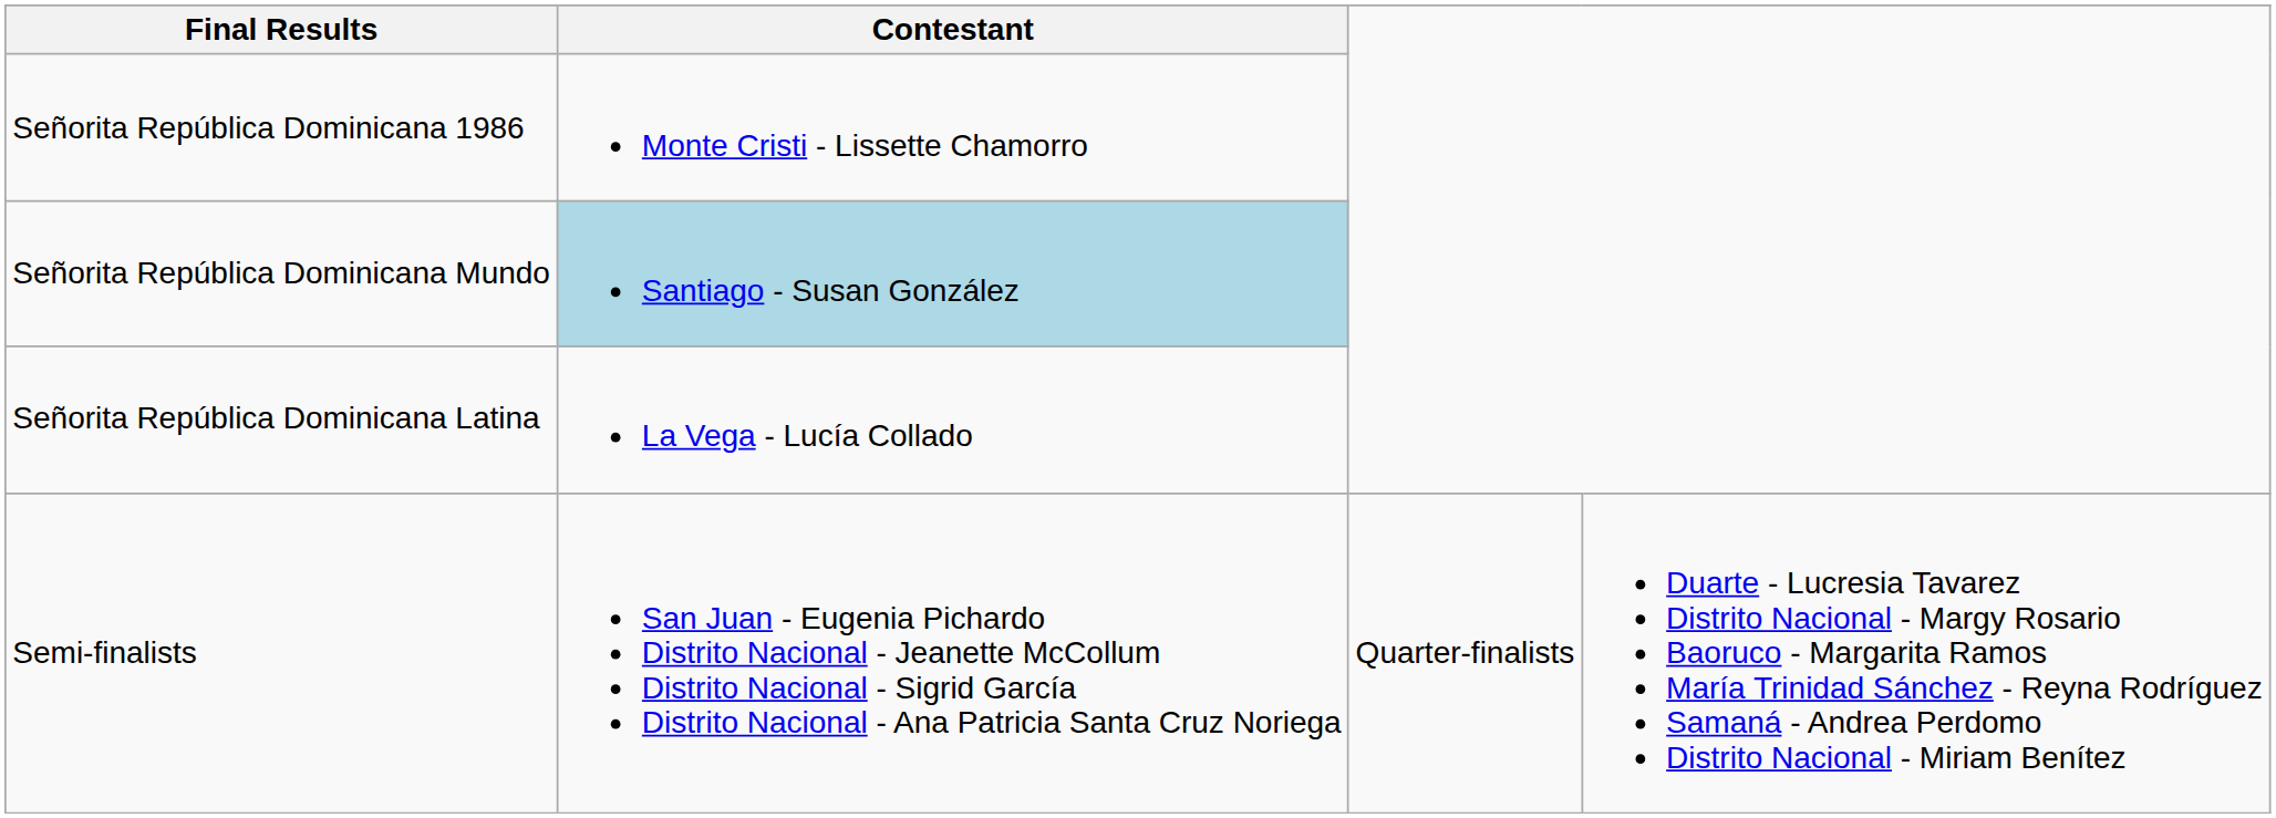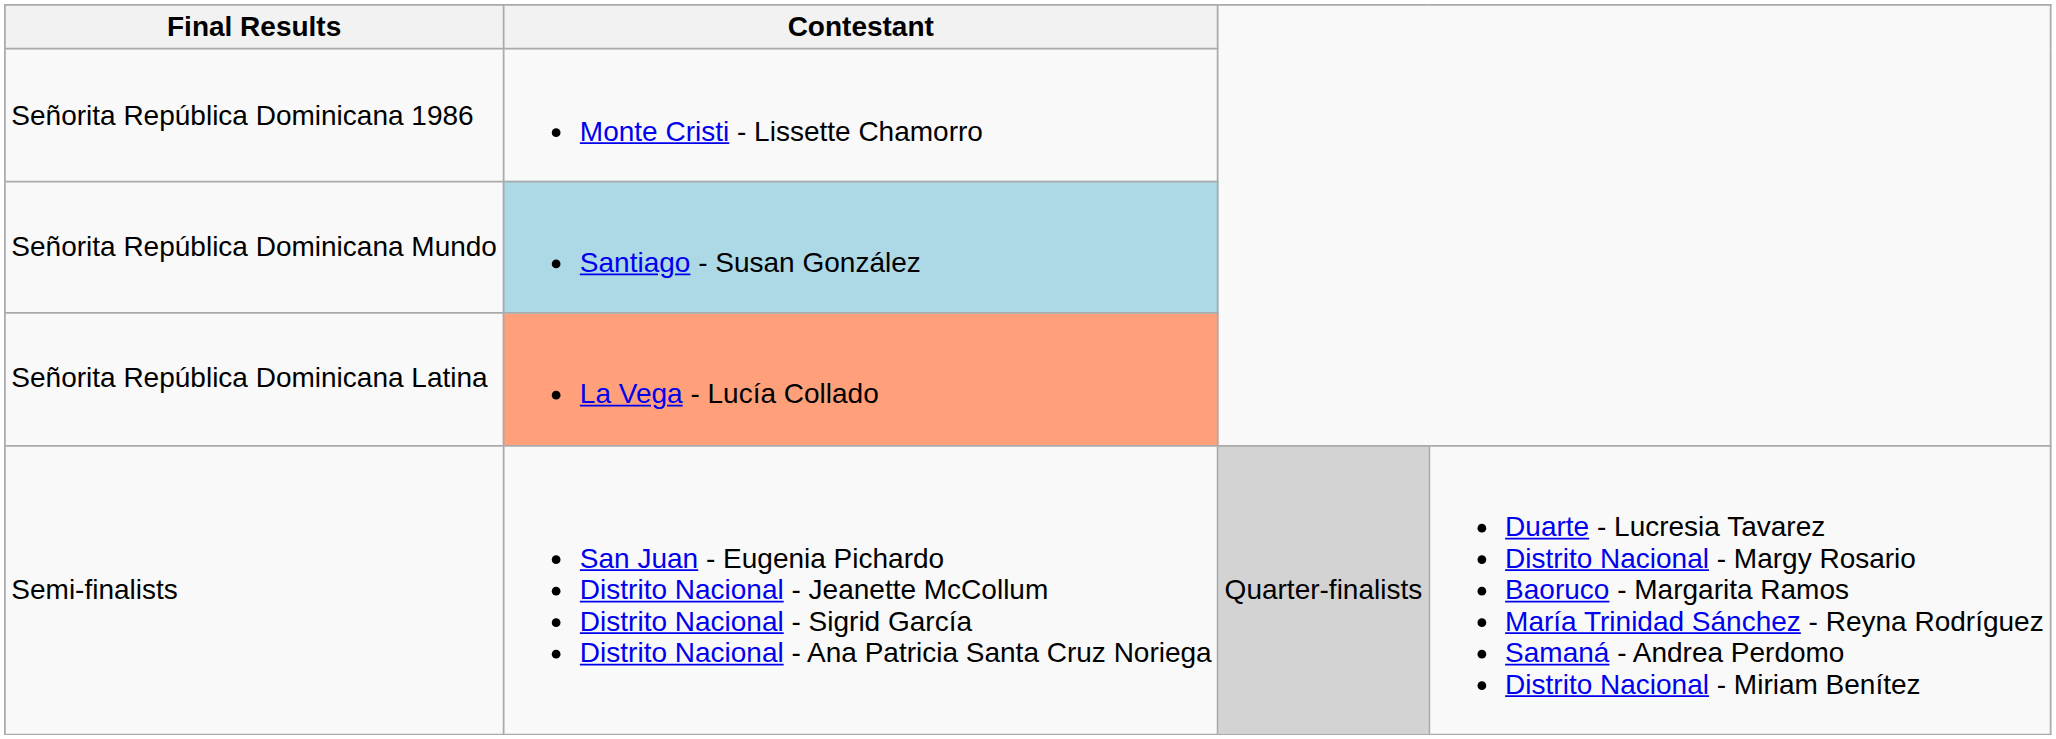 <table class="wikitable">
 <tr>
 <th>Final Results</th>
 <th>Contestant</th>
 </tr>
 <tr>
 <td>Señorita República Dominicana 1986</td>
 <td><br><ul><li><a href='#'>Monte Cristi</a> - Lissette Chamorro</li></ul></td>
 </tr>
 <tr>
 <td>Señorita República Dominicana Mundo</td>
 <td style="background: lightblue;"><br><ul><li><a href='#'>Santiago</a> - Susan González</li></ul></td>
 </tr>
 <tr>
 <td>Señorita República Dominicana Latina</td>
-<td><br><ul><li><a href='#'>La Vega</a> - Lucía Collado</li></ul></td>
+<td style="background: lightsalmon;"><br><ul><li><a href='#'>La Vega</a> - Lucía Collado</li></ul></td>
 </tr>
 <tr>
 <td>Semi-finalists</td>
 <td><br><ul><li><a href='#'>San Juan</a> - Eugenia Pichardo</li><li><a href='#'>Distrito Nacional</a> - Jeanette McCollum</li><li><a href='#'>Distrito Nacional</a> - Sigrid García</li><li><a href='#'>Distrito Nacional</a> - Ana Patricia Santa Cruz Noriega</li></ul></td>
-<td>Quarter-finalists</td>
+<td style="background: lightgrey;">Quarter-finalists</td>
 <td><br><ul><li><a href='#'>Duarte</a> - Lucresia Tavarez</li><li><a href='#'>Distrito Nacional</a> - Margy Rosario</li><li><a href='#'>Baoruco</a> - Margarita Ramos</li><li><a href='#'>María Trinidad Sánchez</a> - Reyna Rodríguez</li><li><a href='#'>Samaná</a> - Andrea Perdomo</li><li><a href='#'>Distrito Nacional</a> - Miriam Benítez</li></ul></td>
 </tr>
 </table>
